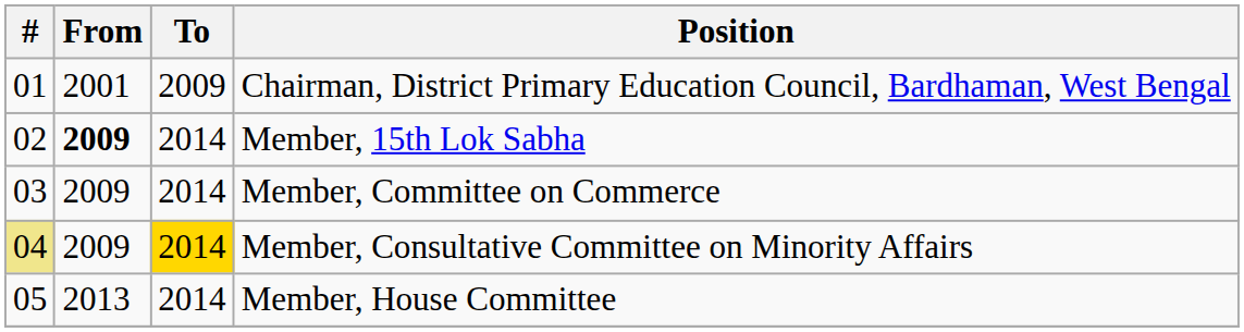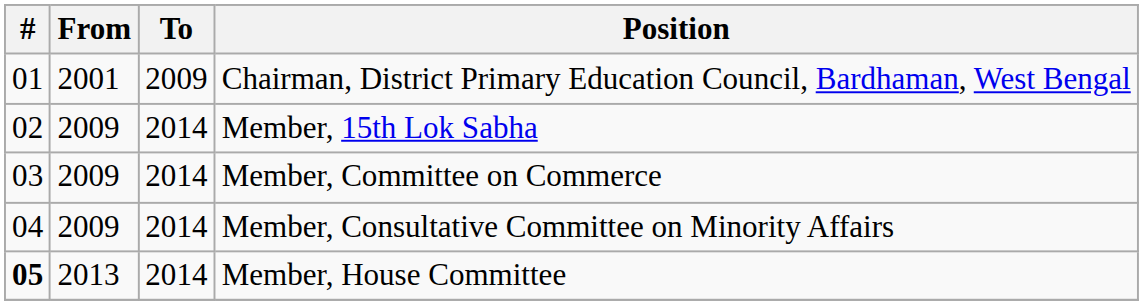 <table class="wikitable sortable">
 <tr>
 <th>#</th>
 <th>From</th>
 <th>To</th>
 <th>Position</th>
 </tr>
 <tr>
 <td>01</td>
 <td>2001</td>
 <td>2009</td>
 <td>Chairman, District Primary Education Council, <a href='#'>Bardhaman</a>, <a href='#'>West Bengal</a></td>
 </tr>
 <tr>
 <td>02</td>
-<td><strong>2009</strong></td>
+<td>2009</td>
 <td>2014</td>
 <td>Member, <a href='#'>15th Lok Sabha</a></td>
 </tr>
 <tr>
 <td>03</td>
 <td>2009</td>
 <td>2014</td>
 <td>Member, Committee on Commerce</td>
 </tr>
 <tr>
-<td style="background: khaki;">04</td>
+<td>04</td>
 <td>2009</td>
-<td style="background: gold;">2014</td>
+<td>2014</td>
 <td>Member, Consultative Committee on Minority Affairs</td>
 </tr>
 <tr>
-<td>05</td>
+<td><strong>05</strong></td>
 <td>2013</td>
 <td>2014</td>
 <td>Member, House Committee</td>
 </tr>
 <tr>
 </tr>
 </table>
